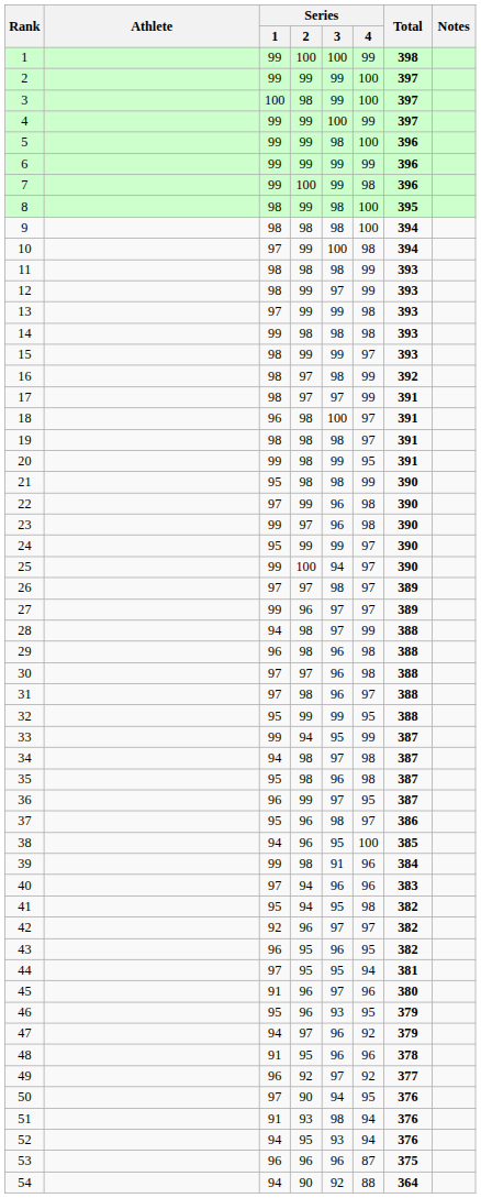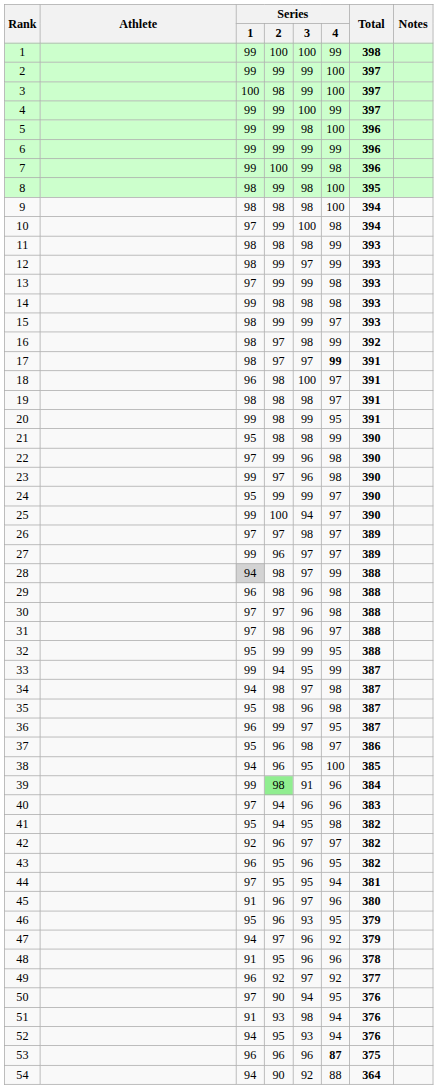 <table class="wikitable" style="text-align:center">
 <tr>
 <th rowspan=2 width=40>Rank</th>
 <th rowspan=2 width=250>Athlete</th>
 <th colspan=4>Series</th>
 <th rowspan=2 width=50>Total</th>
 <th rowspan=2 width=45>Notes</th>
 </tr>
 <tr>
 <th width=30>1</th>
 <th width=30>2</th>
 <th width=30>3</th>
 <th width=30>4</th>
 </tr>
 <tr bgcolor=ccffcc>
 <td>1</td>
 <td align=left></td>
 <td>99</td>
 <td>100</td>
 <td>100</td>
 <td>99</td>
 <td><strong>398</strong></td>
 <td></td>
 </tr>
 <tr bgcolor=ccffcc>
 <td>2</td>
 <td align=left></td>
 <td>99</td>
 <td>99</td>
 <td>99</td>
 <td>100</td>
 <td><strong>397</strong></td>
 <td></td>
 </tr>
 <tr bgcolor=ccffcc>
 <td>3</td>
 <td align=left></td>
 <td>100</td>
 <td>98</td>
 <td>99</td>
 <td>100</td>
 <td><strong>397</strong></td>
 <td></td>
 </tr>
 <tr bgcolor=ccffcc>
 <td>4</td>
 <td align=left></td>
 <td>99</td>
 <td>99</td>
 <td>100</td>
 <td>99</td>
 <td><strong>397</strong></td>
 <td></td>
 </tr>
 <tr bgcolor=ccffcc>
 <td>5</td>
 <td align=left></td>
 <td>99</td>
 <td>99</td>
 <td>98</td>
 <td>100</td>
 <td><strong>396</strong></td>
 <td></td>
 </tr>
 <tr bgcolor=ccffcc>
 <td>6</td>
 <td align=left></td>
 <td>99</td>
 <td>99</td>
 <td>99</td>
 <td>99</td>
 <td><strong>396</strong></td>
 <td></td>
 </tr>
 <tr bgcolor=ccffcc>
 <td>7</td>
 <td align=left></td>
 <td>99</td>
 <td>100</td>
 <td>99</td>
 <td>98</td>
 <td><strong>396</strong></td>
 <td></td>
 </tr>
 <tr bgcolor=ccffcc>
 <td>8</td>
 <td align=left></td>
 <td>98</td>
 <td>99</td>
 <td>98</td>
 <td>100</td>
 <td><strong>395</strong></td>
 <td></td>
 </tr>
 <tr>
 <td>9</td>
 <td align=left></td>
 <td>98</td>
 <td>98</td>
 <td>98</td>
 <td>100</td>
 <td><strong>394</strong></td>
 <td></td>
 </tr>
 <tr>
 <td>10</td>
 <td align=left></td>
 <td>97</td>
 <td>99</td>
 <td>100</td>
 <td>98</td>
 <td><strong>394</strong></td>
 <td></td>
 </tr>
 <tr>
 <td>11</td>
 <td align=left></td>
 <td>98</td>
 <td>98</td>
 <td>98</td>
 <td>99</td>
 <td><strong>393</strong></td>
 <td></td>
 </tr>
 <tr>
 <td>12</td>
 <td align=left></td>
 <td>98</td>
 <td>99</td>
 <td>97</td>
 <td>99</td>
 <td><strong>393</strong></td>
 <td></td>
 </tr>
 <tr>
 <td>13</td>
 <td align=left></td>
 <td>97</td>
 <td>99</td>
 <td>99</td>
 <td>98</td>
 <td><strong>393</strong></td>
 <td></td>
 </tr>
 <tr>
 <td>14</td>
 <td align=left></td>
 <td>99</td>
 <td>98</td>
 <td>98</td>
 <td>98</td>
 <td><strong>393</strong></td>
 <td></td>
 </tr>
 <tr>
 <td>15</td>
 <td align=left></td>
 <td>98</td>
 <td>99</td>
 <td>99</td>
 <td>97</td>
 <td><strong>393</strong></td>
 <td></td>
 </tr>
 <tr>
 <td>16</td>
 <td align=left></td>
 <td>98</td>
 <td>97</td>
 <td>98</td>
 <td>99</td>
 <td><strong>392</strong></td>
 <td></td>
 </tr>
 <tr>
 <td>17</td>
 <td align=left></td>
 <td>98</td>
 <td>97</td>
 <td>97</td>
-<td>99</td>
+<td><strong>99</strong></td>
 <td><strong>391</strong></td>
 <td></td>
 </tr>
 <tr>
 <td>18</td>
 <td align=left></td>
 <td>96</td>
 <td>98</td>
 <td>100</td>
 <td>97</td>
 <td><strong>391</strong></td>
 <td></td>
 </tr>
 <tr>
 <td>19</td>
 <td align=left></td>
 <td>98</td>
 <td>98</td>
 <td>98</td>
 <td>97</td>
 <td><strong>391</strong></td>
 <td></td>
 </tr>
 <tr>
 <td>20</td>
 <td align=left></td>
 <td>99</td>
 <td>98</td>
 <td>99</td>
 <td>95</td>
 <td><strong>391</strong></td>
 <td></td>
 </tr>
 <tr>
 <td>21</td>
 <td align=left></td>
 <td>95</td>
 <td>98</td>
 <td>98</td>
 <td>99</td>
 <td><strong>390</strong></td>
 <td></td>
 </tr>
 <tr>
 <td>22</td>
 <td align=left></td>
 <td>97</td>
 <td>99</td>
 <td>96</td>
 <td>98</td>
 <td><strong>390</strong></td>
 <td></td>
 </tr>
 <tr>
 <td>23</td>
 <td align=left></td>
 <td>99</td>
 <td>97</td>
 <td>96</td>
 <td>98</td>
 <td><strong>390</strong></td>
 <td></td>
 </tr>
 <tr>
 <td>24</td>
 <td align=left></td>
 <td>95</td>
 <td>99</td>
 <td>99</td>
 <td>97</td>
 <td><strong>390</strong></td>
 <td></td>
 </tr>
 <tr>
 <td>25</td>
 <td align=left></td>
 <td>99</td>
 <td>100</td>
 <td>94</td>
 <td>97</td>
 <td><strong>390</strong></td>
 <td></td>
 </tr>
 <tr>
 <td>26</td>
 <td align=left></td>
 <td>97</td>
 <td>97</td>
 <td>98</td>
 <td>97</td>
 <td><strong>389</strong></td>
 <td></td>
 </tr>
 <tr>
 <td>27</td>
 <td align=left></td>
 <td>99</td>
 <td>96</td>
 <td>97</td>
 <td>97</td>
 <td><strong>389</strong></td>
 <td></td>
 </tr>
 <tr>
 <td>28</td>
 <td align=left></td>
-<td>94</td>
+<td style="background: lightgrey;">94</td>
 <td>98</td>
 <td>97</td>
 <td>99</td>
 <td><strong>388</strong></td>
 <td></td>
 </tr>
 <tr>
 <td>29</td>
 <td align=left></td>
 <td>96</td>
 <td>98</td>
 <td>96</td>
 <td>98</td>
 <td><strong>388</strong></td>
 <td></td>
 </tr>
 <tr>
 <td>30</td>
 <td align=left></td>
 <td>97</td>
 <td>97</td>
 <td>96</td>
 <td>98</td>
 <td><strong>388</strong></td>
 <td></td>
 </tr>
 <tr>
 <td>31</td>
 <td align=left></td>
 <td>97</td>
 <td>98</td>
 <td>96</td>
 <td>97</td>
 <td><strong>388</strong></td>
 <td></td>
 </tr>
 <tr>
 <td>32</td>
 <td align=left></td>
 <td>95</td>
 <td>99</td>
 <td>99</td>
 <td>95</td>
 <td><strong>388</strong></td>
 <td></td>
 </tr>
 <tr>
 <td>33</td>
 <td align=left></td>
 <td>99</td>
 <td>94</td>
 <td>95</td>
 <td>99</td>
 <td><strong>387</strong></td>
 <td></td>
 </tr>
 <tr>
 <td>34</td>
 <td align=left></td>
 <td>94</td>
 <td>98</td>
 <td>97</td>
 <td>98</td>
 <td><strong>387</strong></td>
 <td></td>
 </tr>
 <tr>
 <td>35</td>
 <td align=left></td>
 <td>95</td>
 <td>98</td>
 <td>96</td>
 <td>98</td>
 <td><strong>387</strong></td>
 <td></td>
 </tr>
 <tr>
 <td>36</td>
 <td align=left></td>
 <td>96</td>
 <td>99</td>
 <td>97</td>
 <td>95</td>
 <td><strong>387</strong></td>
 <td></td>
 </tr>
 <tr>
 <td>37</td>
 <td align=left></td>
 <td>95</td>
 <td>96</td>
 <td>98</td>
 <td>97</td>
 <td><strong>386</strong></td>
 <td></td>
 </tr>
 <tr>
 <td>38</td>
 <td align=left></td>
 <td>94</td>
 <td>96</td>
 <td>95</td>
 <td>100</td>
 <td><strong>385</strong></td>
 <td></td>
 </tr>
 <tr>
 <td>39</td>
 <td align=left></td>
 <td>99</td>
-<td>98</td>
+<td style="background: lightgreen;">98</td>
 <td>91</td>
 <td>96</td>
 <td><strong>384</strong></td>
 <td></td>
 </tr>
 <tr>
 <td>40</td>
 <td align=left></td>
 <td>97</td>
 <td>94</td>
 <td>96</td>
 <td>96</td>
 <td><strong>383</strong></td>
 <td></td>
 </tr>
 <tr>
 <td>41</td>
 <td align=left></td>
 <td>95</td>
 <td>94</td>
 <td>95</td>
 <td>98</td>
 <td><strong>382</strong></td>
 <td></td>
 </tr>
 <tr>
 <td>42</td>
 <td align=left></td>
 <td>92</td>
 <td>96</td>
 <td>97</td>
 <td>97</td>
 <td><strong>382</strong></td>
 <td></td>
 </tr>
 <tr>
 <td>43</td>
 <td align=left></td>
 <td>96</td>
 <td>95</td>
 <td>96</td>
 <td>95</td>
 <td><strong>382</strong></td>
 <td></td>
 </tr>
 <tr>
 <td>44</td>
 <td align=left></td>
 <td>97</td>
 <td>95</td>
 <td>95</td>
 <td>94</td>
 <td><strong>381</strong></td>
 <td></td>
 </tr>
 <tr>
 <td>45</td>
 <td align=left></td>
 <td>91</td>
 <td>96</td>
 <td>97</td>
 <td>96</td>
 <td><strong>380</strong></td>
 <td></td>
 </tr>
 <tr>
 <td>46</td>
 <td align=left></td>
 <td>95</td>
 <td>96</td>
 <td>93</td>
 <td>95</td>
 <td><strong>379</strong></td>
 <td></td>
 </tr>
 <tr>
 <td>47</td>
 <td align=left></td>
 <td>94</td>
 <td>97</td>
 <td>96</td>
 <td>92</td>
 <td><strong>379</strong></td>
 <td></td>
 </tr>
 <tr>
 <td>48</td>
 <td align=left></td>
 <td>91</td>
 <td>95</td>
 <td>96</td>
 <td>96</td>
 <td><strong>378</strong></td>
 <td></td>
 </tr>
 <tr>
 <td>49</td>
 <td align=left></td>
 <td>96</td>
 <td>92</td>
 <td>97</td>
 <td>92</td>
 <td><strong>377</strong></td>
 <td></td>
 </tr>
 <tr>
 <td>50</td>
 <td align=left></td>
 <td>97</td>
 <td>90</td>
 <td>94</td>
 <td>95</td>
 <td><strong>376</strong></td>
 <td></td>
 </tr>
 <tr>
 <td>51</td>
 <td align=left></td>
 <td>91</td>
 <td>93</td>
 <td>98</td>
 <td>94</td>
 <td><strong>376</strong></td>
 <td></td>
 </tr>
 <tr>
 <td>52</td>
 <td align=left></td>
 <td>94</td>
 <td>95</td>
 <td>93</td>
 <td>94</td>
 <td><strong>376</strong></td>
 <td></td>
 </tr>
 <tr>
 <td>53</td>
 <td align=left></td>
 <td>96</td>
 <td>96</td>
 <td>96</td>
-<td>87</td>
+<td><strong>87</strong></td>
 <td><strong>375</strong></td>
 <td></td>
 </tr>
 <tr>
 <td>54</td>
 <td align=left></td>
 <td>94</td>
 <td>90</td>
 <td>92</td>
 <td>88</td>
 <td><strong>364</strong></td>
 <td></td>
 </tr>
 </table>
